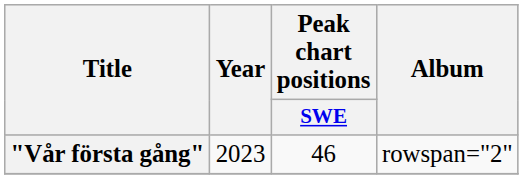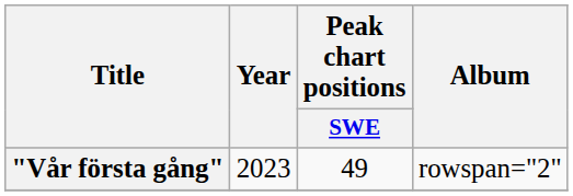 <table class="wikitable plainrowheaders" style="text-align:center;">
 <tr>
 <th scope="col" rowspan="2">Title</th>
 <th scope="col" rowspan="2">Year</th>
 <th scope="col" colspan="1">Peak chart positions</th>
 <th scope="col" rowspan="2">Album</th>
 </tr>
 <tr>
 <th scope="col" style="width:3em;font-size:85%;"><a href='#'>SWE</a></th>
 </tr>
 <tr>
 <th scope="row">"Vår första gång"</th>
 <td>2023</td>
-<td>46</td>
+<td>49</td>
 <td>rowspan="2" </td>
 </tr>
 <tr>
 </tr>
 </table>
